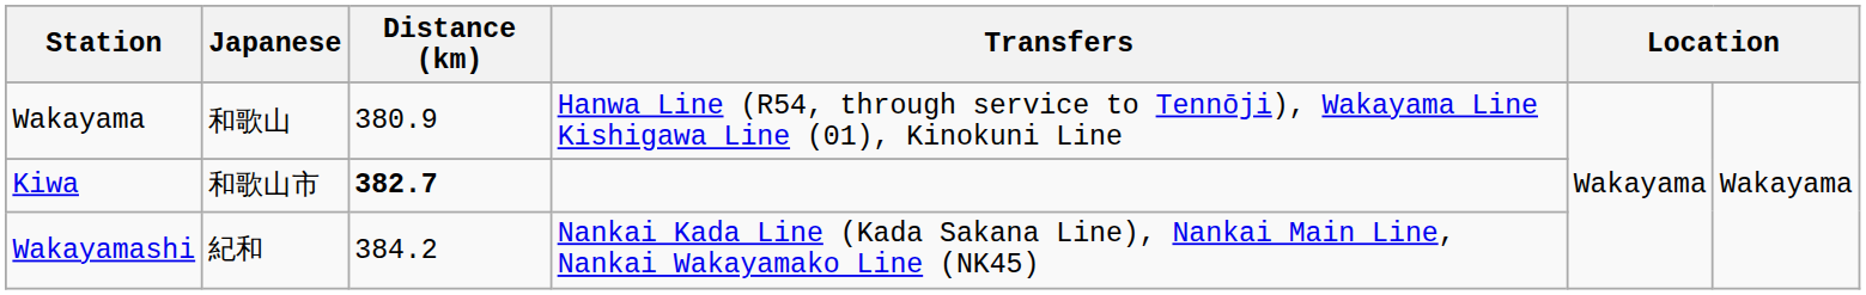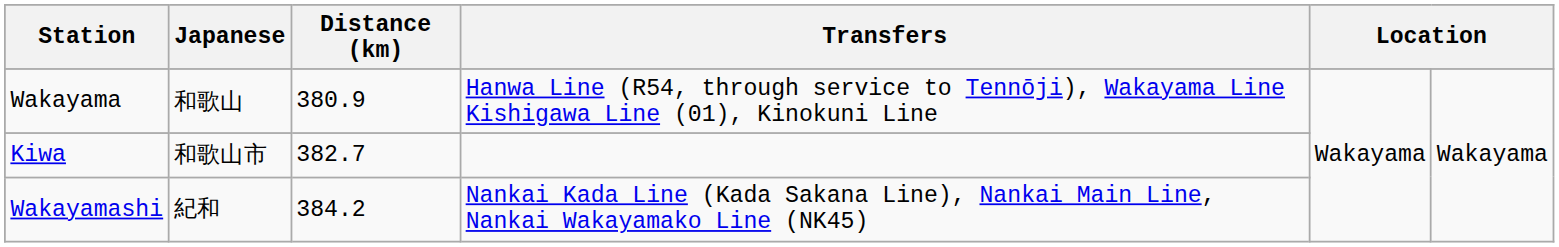 <table class="wikitable">
 <tr>
 <th>Station</th>
 <th>Japanese</th>
 <th>Distance (km)</th>
 <th>Transfers</th>
 <th colspan="2">Location</th>
 </tr>
 <tr>
 <td>Wakayama</td>
 <td>和歌山</td>
 <td>380.9</td>
 <td> <a href='#'>Hanwa Line</a> (R54, through service to <a href='#'>Tennōji</a>),  <a href='#'>Wakayama Line</a><br><a href='#'>Kishigawa Line</a> (01),  Kinokuni Line</td>
 <td rowspan="3">Wakayama</td>
 <td rowspan="3">Wakayama</td>
 </tr>
 <tr>
 <td><a href='#'>Kiwa</a></td>
 <td>和歌山市</td>
-<td><strong>382.7</strong></td>
+<td>382.7</td>
 <td> </td>
 </tr>
 <tr>
 <td><a href='#'>Wakayamashi</a></td>
 <td>紀和</td>
 <td>384.2</td>
 <td> <a href='#'>Nankai Kada Line</a> (Kada Sakana Line),  <a href='#'>Nankai Main Line</a>,  <a href='#'>Nankai Wakayamako Line</a> (NK45)</td>
 </tr>
 </table>
